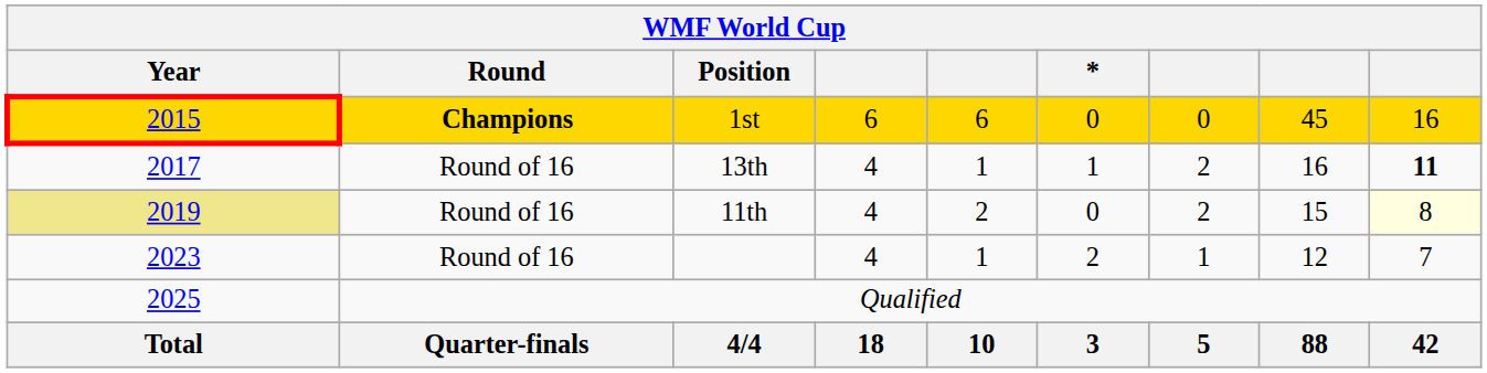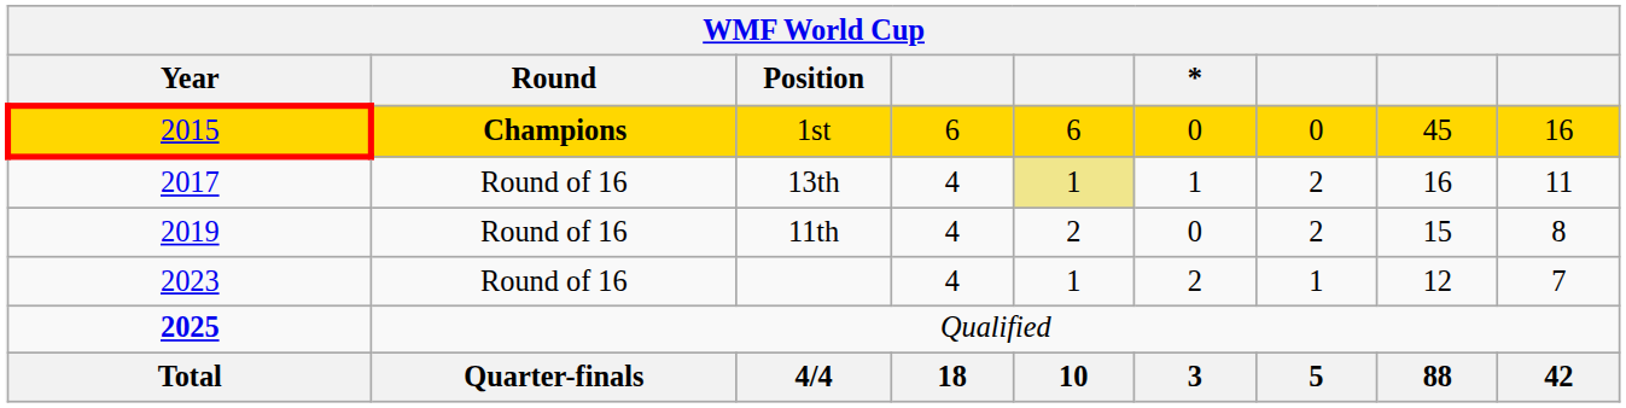 <table class="wikitable" style="font-size:90%; text-align:center;" width="50%">
 <tr>
 <th colspan="9"><a href='#'>WMF World Cup</a></th>
 </tr>
 <tr>
 <th width="15%">Year</th>
 <th width="15%">Round</th>
 <th width="5%">Position</th>
 <th width="5%"></th>
 <th width="5%"></th>
 <th width="5%">*</th>
 <th width="5%"></th>
 <th width="5%"></th>
 <th width="5%"></th>
 </tr>
 <tr bgcolor=gold>
 <td style="border: 3px solid red"> <a href='#'>2015</a></td>
 <td><strong>Champions</strong></td>
 <td>1st</td>
 <td>6</td>
 <td>6</td>
 <td>0</td>
 <td>0</td>
 <td>45</td>
 <td>16</td>
 </tr>
 <tr>
 <td> <a href='#'>2017</a></td>
 <td>Round of 16</td>
 <td>13th</td>
 <td>4</td>
-<td>1</td>
+<td style="background: khaki;">1</td>
 <td>1</td>
 <td>2</td>
 <td>16</td>
-<td><strong>11</strong></td>
+<td>11</td>
 </tr>
 <tr>
-<td style="background: khaki;"> <a href='#'>2019</a></td>
+<td> <a href='#'>2019</a></td>
 <td>Round of 16</td>
 <td>11th</td>
 <td>4</td>
 <td>2</td>
 <td>0</td>
 <td>2</td>
 <td>15</td>
-<td style="background: lightyellow;">8</td>
+<td>8</td>
 </tr>
 <tr>
 <td> <a href='#'>2023</a></td>
 <td>Round of 16</td>
 <td></td>
 <td>4</td>
 <td>1</td>
 <td>2</td>
 <td>1</td>
 <td>12</td>
 <td>7</td>
 </tr>
 <tr>
-<td> <a href='#'>2025</a></td>
+<td><strong> <a href='#'>2025</a></strong></td>
 <td colspan="8"><em>Qualified</em></td>
 </tr>
 <tr>
 <th>Total</th>
 <th>Quarter-finals</th>
 <th>4/4</th>
 <th>18</th>
 <th>10</th>
 <th>3</th>
 <th>5</th>
 <th>88</th>
 <th>42</th>
 </tr>
 </table>
